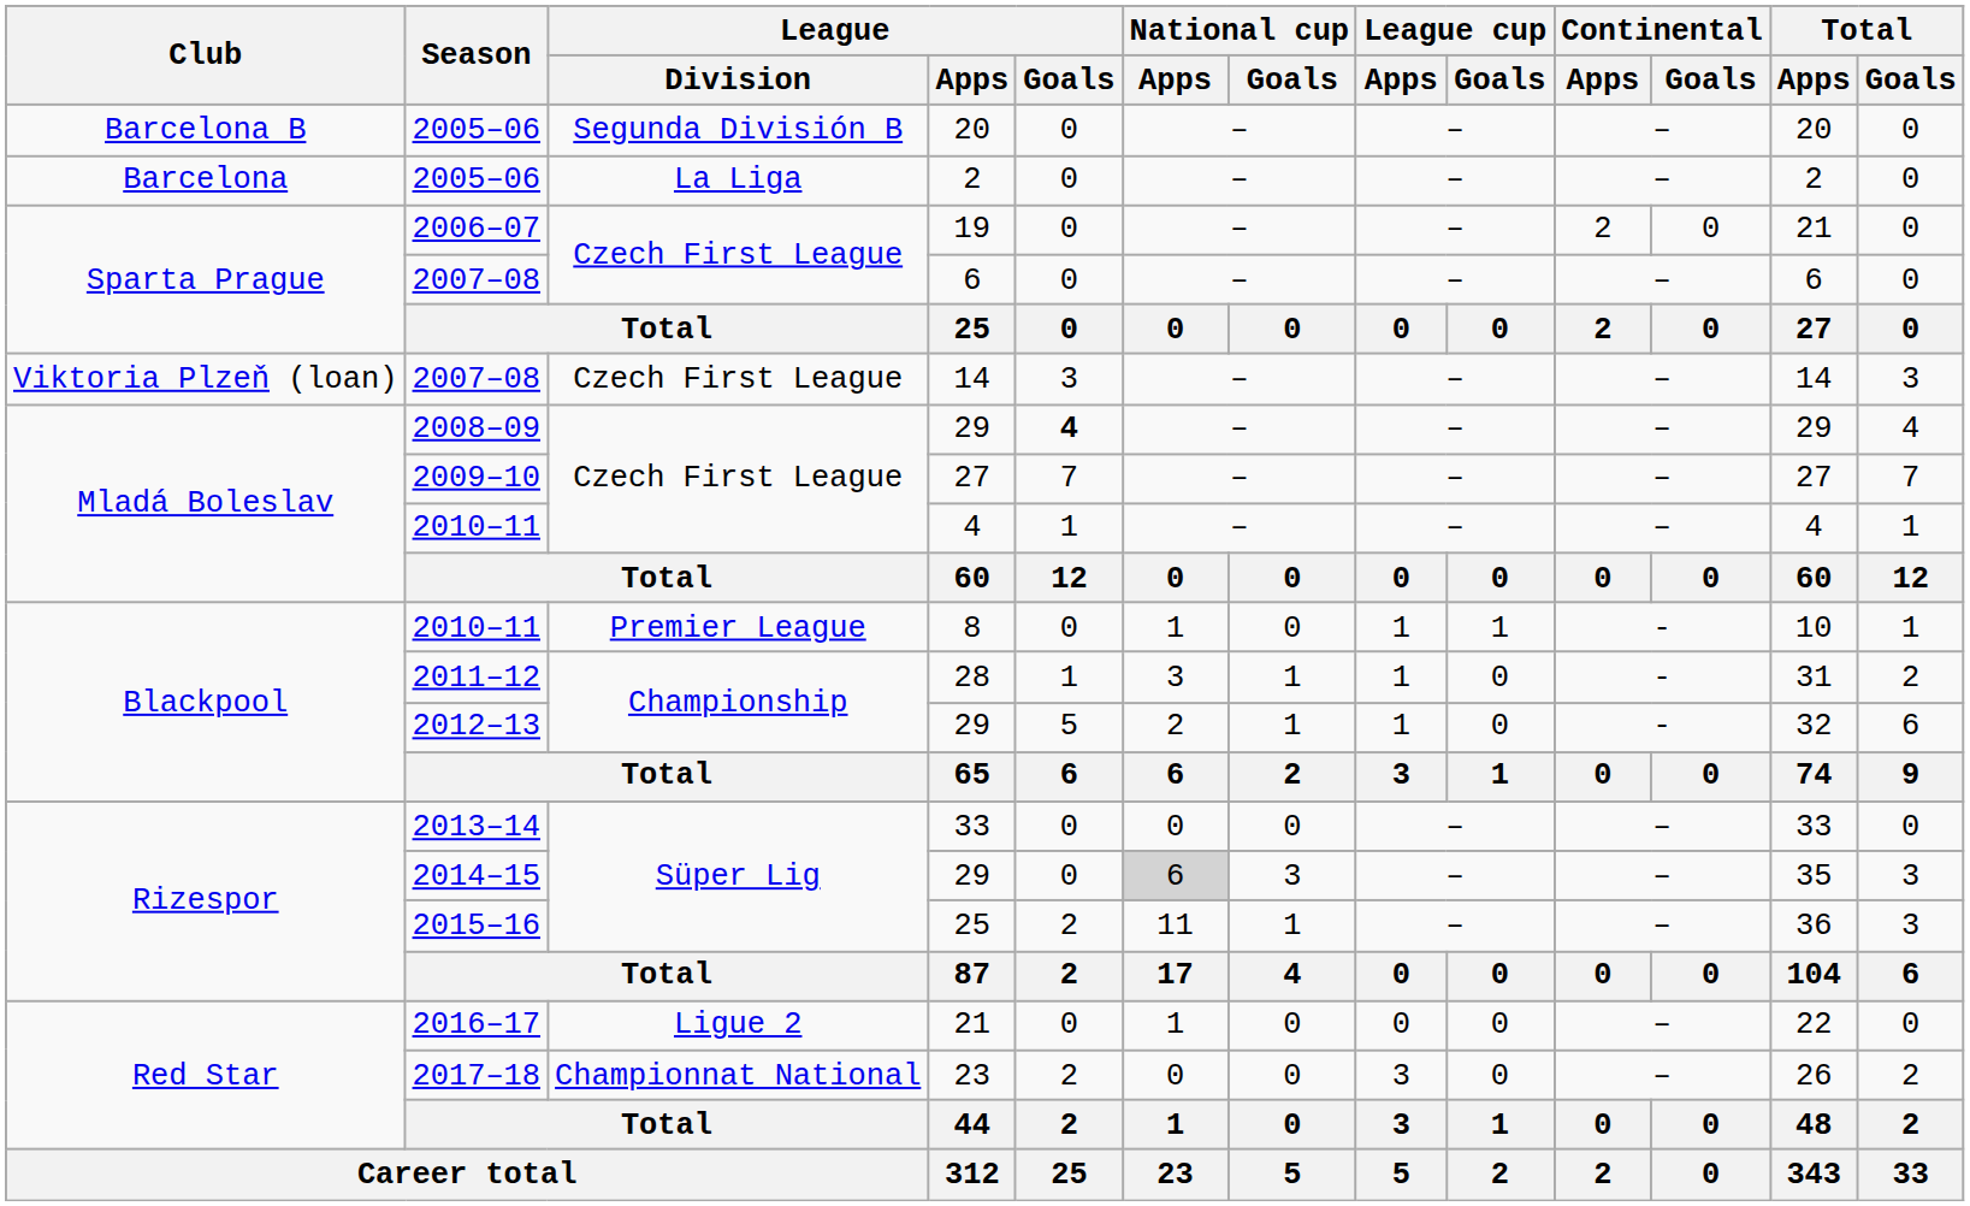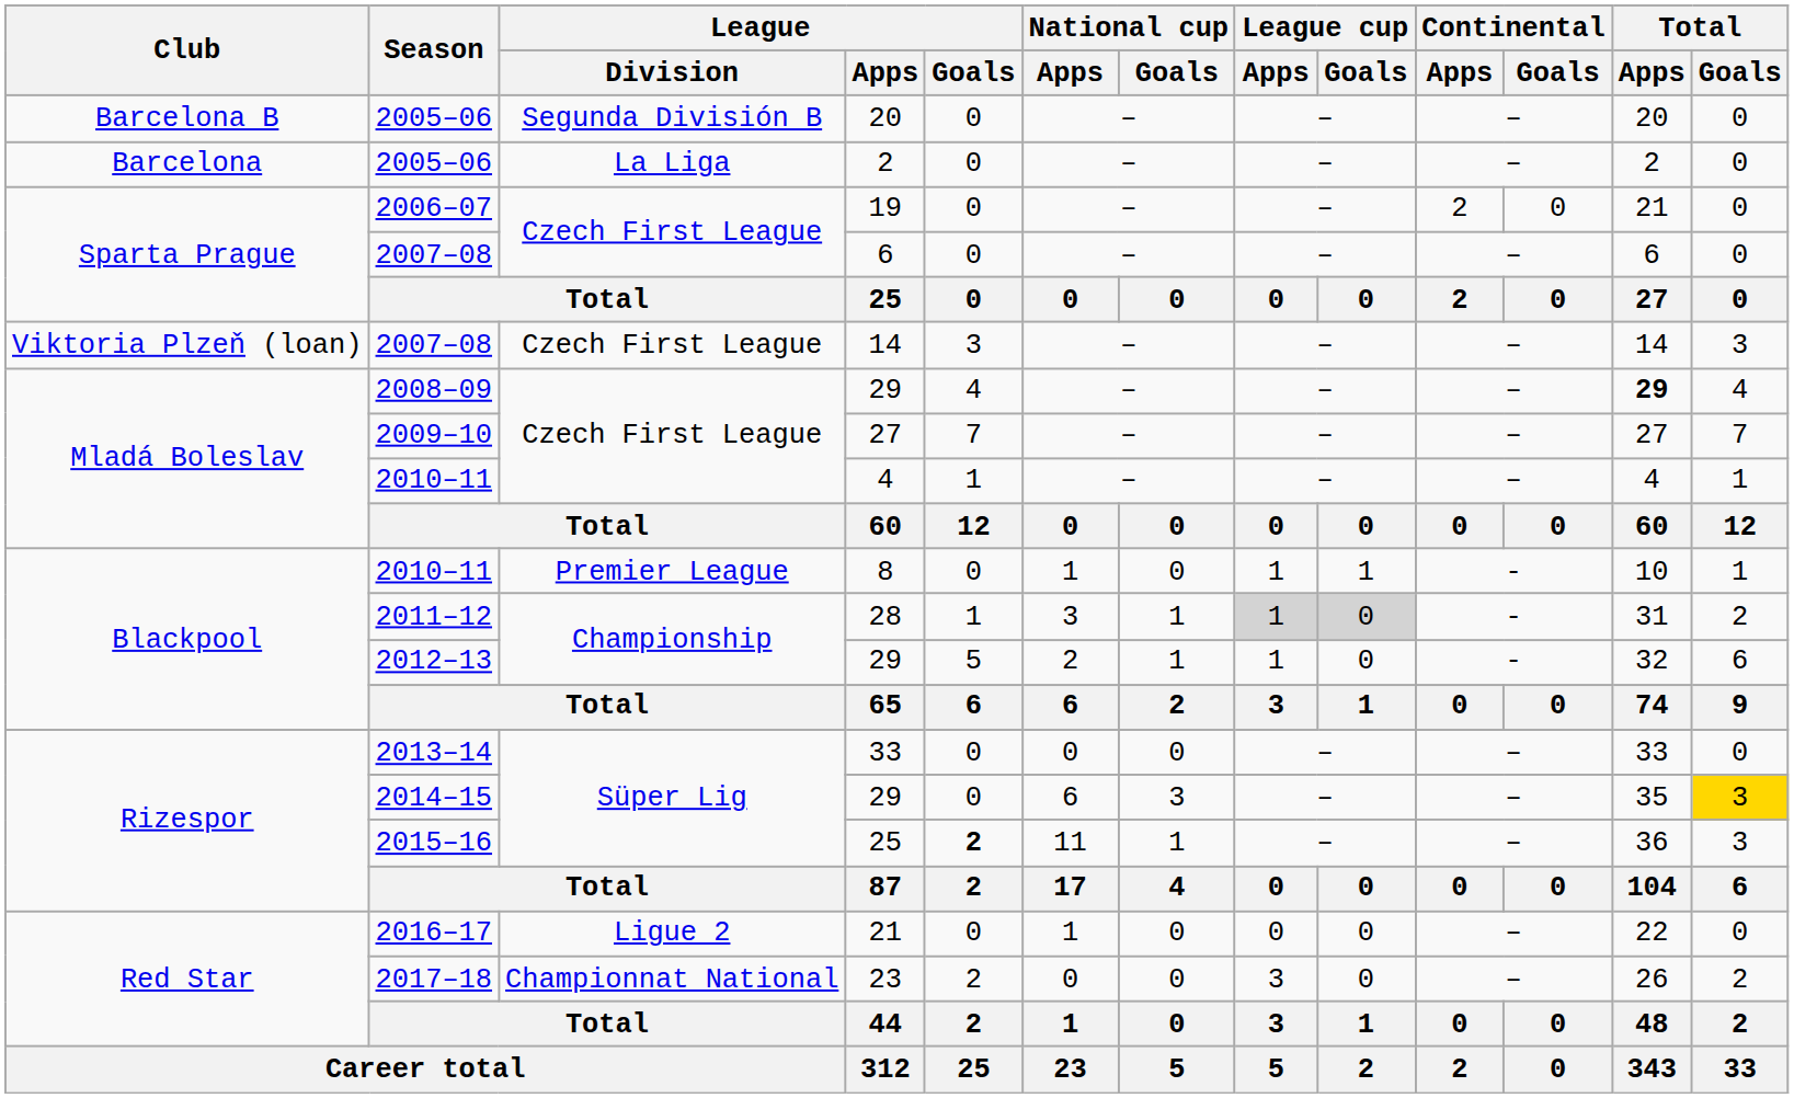 <table class="wikitable" style="text-align:center">
 <tr>
 <th rowspan="2">Club</th>
 <th rowspan="2">Season</th>
 <th colspan="3">League</th>
 <th colspan="2">National cup</th>
 <th colspan="2">League cup</th>
 <th colspan="2">Continental</th>
 <th colspan="2">Total</th>
 </tr>
 <tr>
 <th>Division</th>
 <th>Apps</th>
 <th>Goals</th>
 <th>Apps</th>
 <th>Goals</th>
 <th>Apps</th>
 <th>Goals</th>
 <th>Apps</th>
 <th>Goals</th>
 <th>Apps</th>
 <th>Goals</th>
 </tr>
 <tr>
 <td><a href='#'>Barcelona B</a></td>
 <td><a href='#'>2005–06</a></td>
 <td><a href='#'>Segunda División B</a></td>
 <td>20</td>
 <td>0</td>
 <td colspan="2">–</td>
 <td colspan="2">–</td>
 <td colspan="2">–</td>
 <td>20</td>
 <td>0</td>
 </tr>
 <tr>
 <td><a href='#'>Barcelona</a></td>
 <td><a href='#'>2005–06</a></td>
 <td><a href='#'>La Liga</a></td>
 <td>2</td>
 <td>0</td>
 <td colspan="2">–</td>
 <td colspan="2">–</td>
 <td colspan="2">–</td>
 <td>2</td>
 <td>0</td>
 </tr>
 <tr>
 <td rowspan="3"><a href='#'>Sparta Prague</a></td>
 <td><a href='#'>2006–07</a></td>
 <td rowspan="2"><a href='#'>Czech First League</a></td>
 <td>19</td>
 <td>0</td>
 <td colspan="2">–</td>
 <td colspan="2">–</td>
 <td>2</td>
 <td>0</td>
 <td>21</td>
 <td>0</td>
 </tr>
 <tr>
 <td><a href='#'>2007–08</a></td>
 <td>6</td>
 <td>0</td>
 <td colspan="2">–</td>
 <td colspan="2">–</td>
 <td colspan="2">–</td>
 <td>6</td>
 <td>0</td>
 </tr>
 <tr>
 <th colspan="2">Total</th>
 <th>25</th>
 <th>0</th>
 <th>0</th>
 <th>0</th>
 <th>0</th>
 <th>0</th>
 <th>2</th>
 <th>0</th>
 <th>27</th>
 <th>0</th>
 </tr>
 <tr>
 <td><a href='#'>Viktoria Plzeň</a> (loan)</td>
 <td><a href='#'>2007–08</a></td>
 <td>Czech First League</td>
 <td>14</td>
 <td>3</td>
 <td colspan="2">–</td>
 <td colspan="2">–</td>
 <td colspan="2">–</td>
 <td>14</td>
 <td>3</td>
 </tr>
 <tr>
 <td rowspan="4"><a href='#'>Mladá Boleslav</a></td>
 <td><a href='#'>2008–09</a></td>
 <td rowspan="3">Czech First League</td>
 <td>29</td>
-<td><strong>4</strong></td>
+<td>4</td>
 <td colspan="2">–</td>
 <td colspan="2">–</td>
 <td colspan="2">–</td>
-<td>29</td>
+<td><strong>29</strong></td>
 <td>4</td>
 </tr>
 <tr>
 <td><a href='#'>2009–10</a></td>
 <td>27</td>
 <td>7</td>
 <td colspan="2">–</td>
 <td colspan="2">–</td>
 <td colspan="2">–</td>
 <td>27</td>
 <td>7</td>
 </tr>
 <tr>
 <td><a href='#'>2010–11</a></td>
 <td>4</td>
 <td>1</td>
 <td colspan="2">–</td>
 <td colspan="2">–</td>
 <td colspan="2">–</td>
 <td>4</td>
 <td>1</td>
 </tr>
 <tr>
 <th colspan="2">Total</th>
 <th>60</th>
 <th>12</th>
 <th>0</th>
 <th>0</th>
 <th>0</th>
 <th>0</th>
 <th>0</th>
 <th>0</th>
 <th>60</th>
 <th>12</th>
 </tr>
 <tr>
 <td rowspan="4"><a href='#'>Blackpool</a></td>
 <td><a href='#'>2010–11</a></td>
 <td><a href='#'>Premier League</a></td>
 <td>8</td>
 <td>0</td>
 <td>1</td>
 <td>0</td>
 <td>1</td>
 <td>1</td>
 <td colspan="2">-</td>
 <td>10</td>
 <td>1</td>
 </tr>
 <tr>
 <td><a href='#'>2011–12</a></td>
 <td rowspan="2"><a href='#'>Championship</a></td>
 <td>28</td>
 <td>1</td>
 <td>3</td>
 <td>1</td>
-<td>1</td>
-<td>0</td>
+<td style="background: lightgrey;">1</td>
+<td style="background: lightgrey;">0</td>
 <td colspan="2">-</td>
 <td>31</td>
 <td>2</td>
 </tr>
 <tr>
 <td><a href='#'>2012–13</a></td>
 <td>29</td>
 <td>5</td>
 <td>2</td>
 <td>1</td>
 <td>1</td>
 <td>0</td>
 <td colspan="2">-</td>
 <td>32</td>
 <td>6</td>
 </tr>
 <tr>
 <th colspan="2">Total</th>
 <th>65</th>
 <th>6</th>
 <th>6</th>
 <th>2</th>
 <th>3</th>
 <th>1</th>
 <th>0</th>
 <th>0</th>
 <th>74</th>
 <th>9</th>
 </tr>
 <tr>
 <td rowspan="4"><a href='#'>Rizespor</a></td>
 <td><a href='#'>2013–14</a></td>
 <td rowspan="3"><a href='#'>Süper Lig</a></td>
 <td>33</td>
 <td>0</td>
 <td>0</td>
 <td>0</td>
 <td colspan="2">–</td>
 <td colspan="2">–</td>
 <td>33</td>
 <td>0</td>
 </tr>
 <tr>
 <td><a href='#'>2014–15</a></td>
 <td>29</td>
 <td>0</td>
-<td style="background: lightgrey;">6</td>
+<td>6</td>
 <td>3</td>
 <td colspan="2">–</td>
 <td colspan="2">–</td>
 <td>35</td>
-<td>3</td>
+<td style="background: gold;">3</td>
 </tr>
 <tr>
 <td><a href='#'>2015–16</a></td>
 <td>25</td>
-<td>2</td>
+<td><strong>2</strong></td>
 <td>11</td>
 <td>1</td>
 <td colspan="2">–</td>
 <td colspan="2">–</td>
 <td>36</td>
 <td>3</td>
 </tr>
 <tr>
 <th colspan="2">Total</th>
 <th>87</th>
 <th>2</th>
 <th>17</th>
 <th>4</th>
 <th>0</th>
 <th>0</th>
 <th>0</th>
 <th>0</th>
 <th>104</th>
 <th>6</th>
 </tr>
 <tr>
 <td rowspan="3"><a href='#'>Red Star</a></td>
 <td><a href='#'>2016–17</a></td>
 <td><a href='#'>Ligue 2</a></td>
 <td>21</td>
 <td>0</td>
 <td>1</td>
 <td>0</td>
 <td>0</td>
 <td>0</td>
 <td colspan="2">–</td>
 <td>22</td>
 <td>0</td>
 </tr>
 <tr>
 <td><a href='#'>2017–18</a></td>
 <td><a href='#'>Championnat National</a></td>
 <td>23</td>
 <td>2</td>
 <td>0</td>
 <td>0</td>
 <td>3</td>
 <td>0</td>
 <td colspan="2">–</td>
 <td>26</td>
 <td>2</td>
 </tr>
 <tr>
 <th colspan="2">Total</th>
 <th>44</th>
 <th>2</th>
 <th>1</th>
 <th>0</th>
 <th>3</th>
 <th>1</th>
 <th>0</th>
 <th>0</th>
 <th>48</th>
 <th>2</th>
 </tr>
 <tr>
 <th colspan="3">Career total</th>
 <th>312</th>
 <th>25</th>
 <th>23</th>
 <th>5</th>
 <th>5</th>
 <th>2</th>
 <th>2</th>
 <th>0</th>
 <th>343</th>
 <th>33</th>
 </tr>
 </table>
